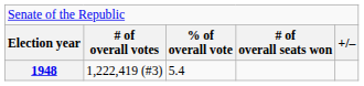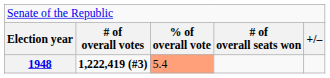 <table class=wikitable>
 <tr>
 <td colspan=6><a href='#'>Senate of the Republic</a></td>
 </tr>
 <tr>
 <th>Election year</th>
 <th># of<br>overall votes</th>
 <th>% of<br>overall vote</th>
 <th># of<br>overall seats won</th>
 <th>+/–</th>
 </tr>
 <tr>
 <th><a href='#'>1948</a></th>
-<td>1,222,419 (#3)</td>
-<td>5.4</td>
+<td><strong>1,222,419 (#3)</strong></td>
+<td style="background: lightsalmon;">5.4</td>
 <td></td>
 <td></td>
 </tr>
 </table>
